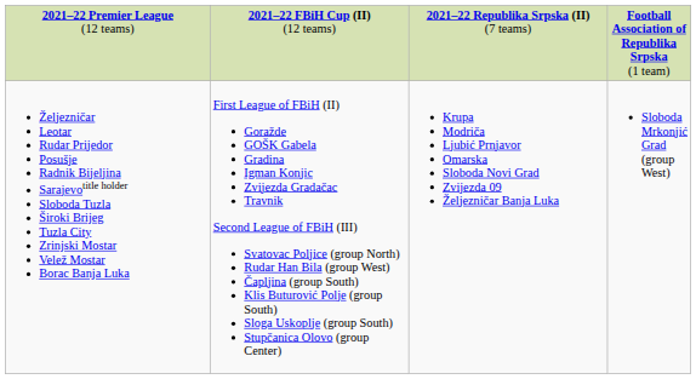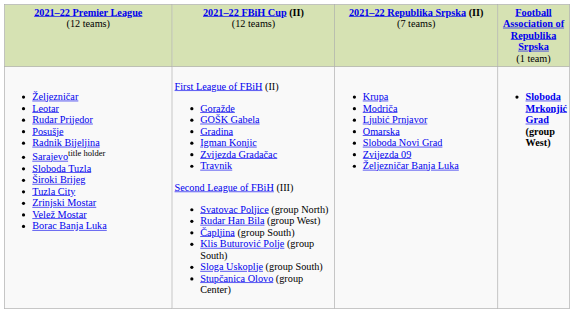 <table class="wikitable" style="width:100%">
 <tr style="vertical-align:top; background:#d6e2b3; text-align:center;">
 <td style="width:34%;"><strong><a href='#'>2021–22 Premier League</a></strong><br>(12 teams)</td>
 <td style="width:33%;"><strong><a href='#'>2021–22 FBiH Cup</a> (II)</strong><br>(12 teams)</td>
 <td style="width:33%;"><strong><a href='#'>2021–22 Republika Srpska</a> (II)</strong><br>(7 teams)</td>
 <td style="width:33%;"><strong><a href='#'>Football Association of Republika Srpska</a></strong><br>(1 team)</td>
 </tr>
 <tr valign="top">
 <td><br><ul><li><a href='#'>Željezničar</a></li><li><a href='#'>Leotar</a></li><li><a href='#'>Rudar Prijedor</a></li><li><a href='#'>Posušje</a></li><li><a href='#'>Radnik Bijeljina</a></li><li><a href='#'>Sarajevo</a><sup>title holder</sup></li><li><a href='#'>Sloboda Tuzla</a></li><li><a href='#'>Široki Brijeg</a></li><li><a href='#'>Tuzla City</a></li><li><a href='#'>Zrinjski Mostar</a></li><li><a href='#'>Velež Mostar</a></li><li><a href='#'>Borac Banja Luka</a></li></ul></td>
 <td><br><a href='#'>First League of FBiH</a> (II)<ul><li><a href='#'>Goražde</a></li><li><a href='#'>GOŠK Gabela</a></li><li><a href='#'>Gradina</a></li><li><a href='#'>Igman Konjic</a></li><li><a href='#'>Zvijezda Gradačac</a></li><li><a href='#'>Travnik</a></li></ul><a href='#'>Second League of FBiH</a> (III)<ul><li><a href='#'>Svatovac Poljice</a> (group North)</li><li><a href='#'>Rudar Han Bila</a> (group West)</li><li><a href='#'>Čapljina</a> (group South)</li><li><a href='#'>Klis Buturović Polje</a> (group South)</li><li><a href='#'>Sloga Uskoplje</a> (group South)</li><li><a href='#'>Stupčanica Olovo</a> (group Center)</li></ul></td>
 <td><br><ul><li><a href='#'>Krupa</a></li><li><a href='#'>Modriča</a></li><li><a href='#'>Ljubić Prnjavor</a></li><li><a href='#'>Omarska</a></li><li><a href='#'>Sloboda Novi Grad</a></li><li><a href='#'>Zvijezda 09</a></li><li><a href='#'>Željezničar Banja Luka</a></li></ul></td>
-<td><br><ul><li><a href='#'>Sloboda Mrkonjić Grad</a> (group West)</li></ul></td>
+<td><strong><br><ul><li><a href='#'>Sloboda Mrkonjić Grad</a> (group West)</li></ul></strong></td>
 </tr>
 </table>
